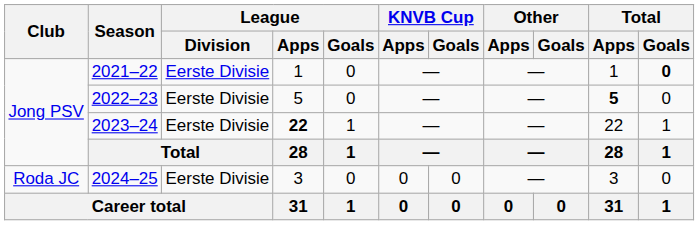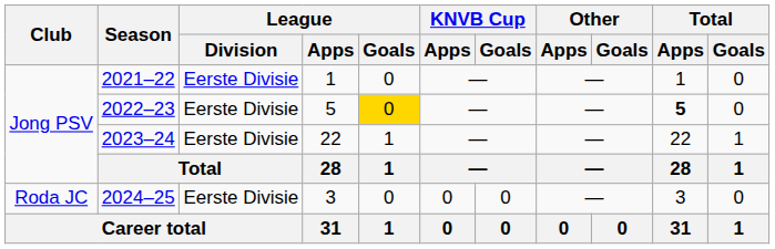 <table class="wikitable" style="text-align:center">
 <tr>
 <th rowspan="2">Club</th>
 <th rowspan="2">Season</th>
 <th colspan="3">League</th>
 <th colspan="2"><a href='#'>KNVB Cup</a></th>
 <th colspan="2">Other</th>
 <th colspan="2">Total</th>
 </tr>
 <tr>
 <th>Division</th>
 <th>Apps</th>
 <th>Goals</th>
 <th>Apps</th>
 <th>Goals</th>
 <th>Apps</th>
 <th>Goals</th>
 <th>Apps</th>
 <th>Goals</th>
 </tr>
 <tr>
 <td rowspan="4"><a href='#'>Jong PSV</a></td>
 <td><a href='#'>2021–22</a></td>
 <td><a href='#'>Eerste Divisie</a></td>
 <td>1</td>
 <td>0</td>
 <td colspan="2">—</td>
 <td colspan="2">—</td>
 <td>1</td>
-<td><strong>0</strong></td>
+<td>0</td>
 </tr>
 <tr>
 <td><a href='#'>2022–23</a></td>
 <td>Eerste Divisie</td>
 <td>5</td>
-<td>0</td>
+<td style="background: gold;">0</td>
 <td colspan="2">—</td>
 <td colspan="2">—</td>
 <td><strong>5</strong></td>
 <td>0</td>
 </tr>
 <tr>
 <td><a href='#'>2023–24</a></td>
 <td>Eerste Divisie</td>
-<td><strong>22</strong></td>
+<td>22</td>
 <td>1</td>
 <td colspan="2">—</td>
 <td colspan="2">—</td>
 <td>22</td>
 <td>1</td>
 </tr>
 <tr>
 <th colspan="2">Total</th>
 <th>28</th>
 <th>1</th>
 <th colspan="2">—</th>
 <th colspan="2">—</th>
 <th>28</th>
 <th>1</th>
 </tr>
 <tr>
 <td rowspan="1"><a href='#'>Roda JC</a></td>
 <td><a href='#'>2024–25</a></td>
 <td>Eerste Divisie</td>
 <td>3</td>
 <td>0</td>
 <td>0</td>
 <td>0</td>
 <td colspan="2">—</td>
 <td>3</td>
 <td>0</td>
 </tr>
 <tr>
 <th colspan="3">Career total</th>
 <th>31</th>
 <th>1</th>
 <th>0</th>
 <th>0</th>
 <th>0</th>
 <th>0</th>
 <th>31</th>
 <th>1</th>
 </tr>
 </table>
